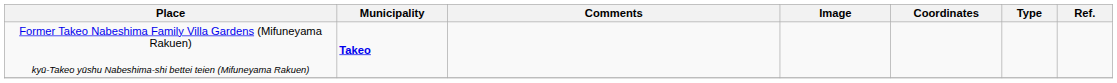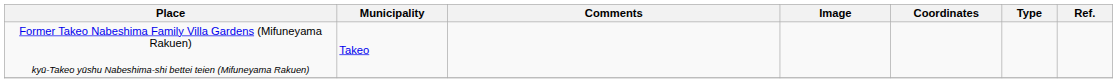 <table class="wikitable sortable"  style="width:100%;">
 <tr>
 <th width="30%" align="left">Place</th>
 <th width="10%" align="left">Municipality</th>
 <th width="30%" align="left" class="unsortable">Comments</th>
 <th width="10%" align="left"  class="unsortable">Image</th>
 <th width="10%" align="left" class="unsortable">Coordinates</th>
 <th width="5%" align="left">Type</th>
 <th width="5%" align="left"  class="unsortable">Ref.</th>
 </tr>
 <tr>
 <td align="center"><a href='#'>Former Takeo Nabeshima Family Villa Gardens</a> (Mifuneyama Rakuen)<br><br><small><em>kyū-Takeo yūshu Nabeshima-shi bettei teien (Mifuneyama Rakuen)</em></small></td>
-<td><strong><a href='#'>Takeo</a></strong></td>
+<td><a href='#'>Takeo</a></td>
 <td></td>
 <td></td>
 <td></td>
 <td></td>
 <td></td>
 </tr>
 <tr>
 </tr>
 </table>
